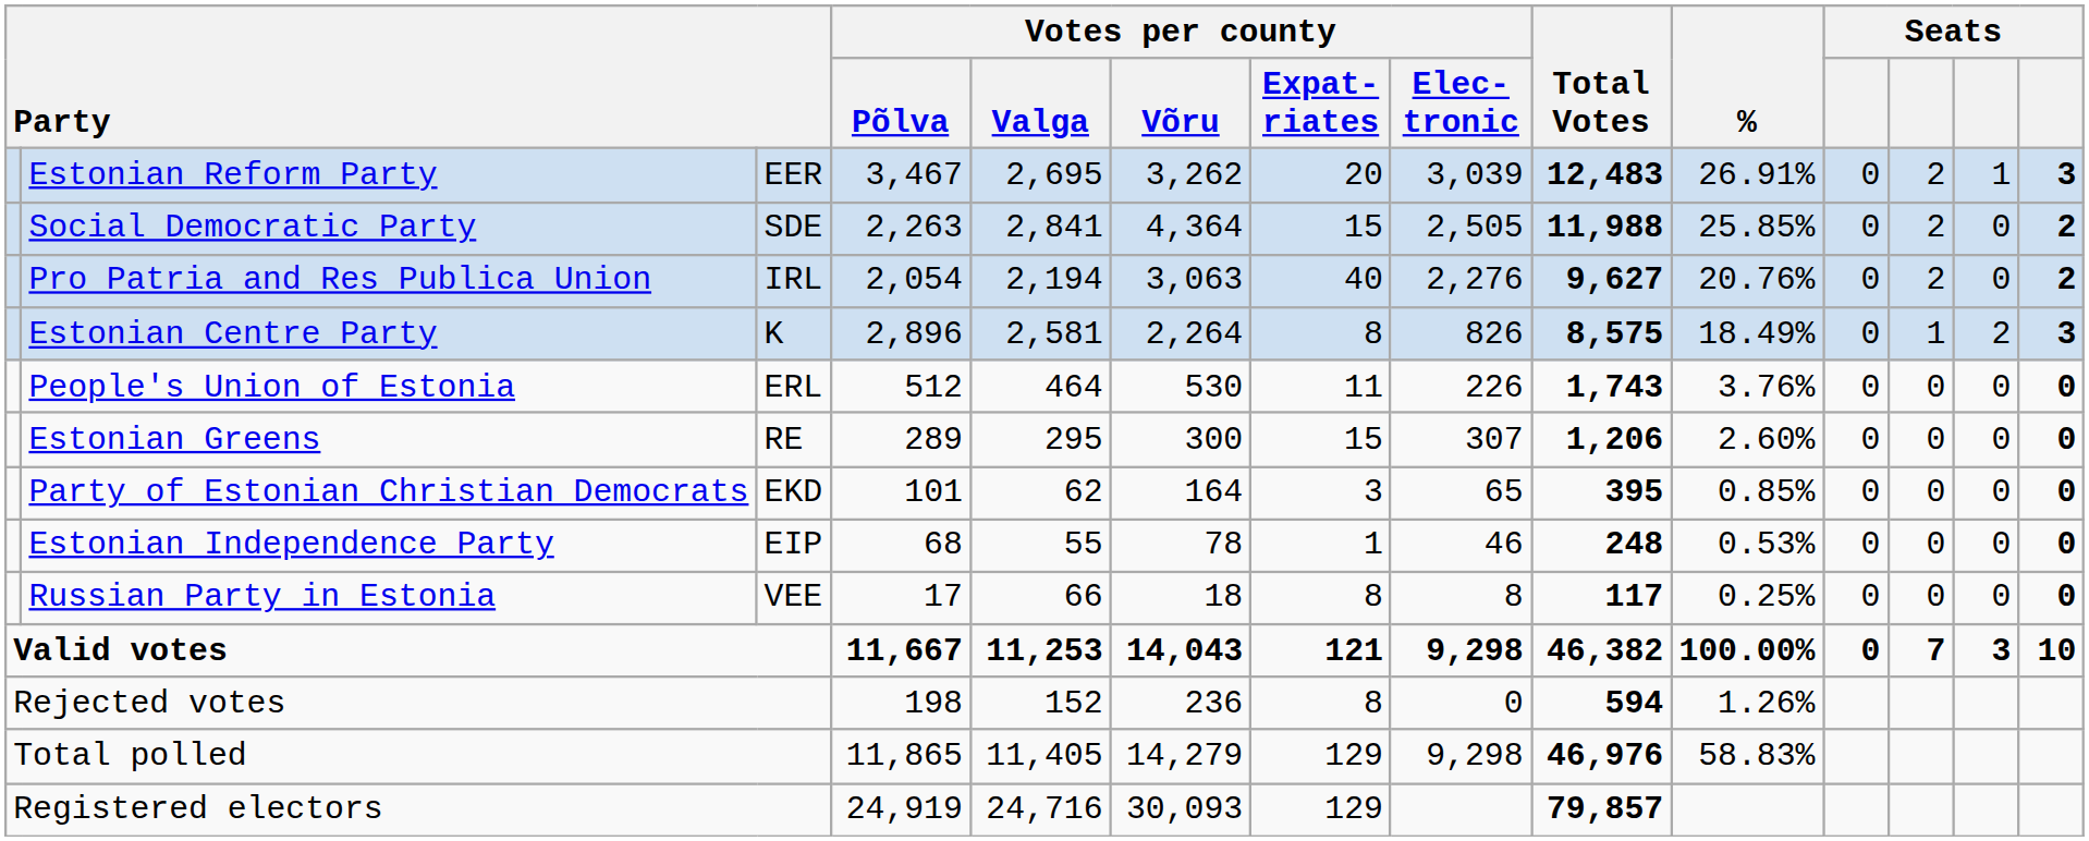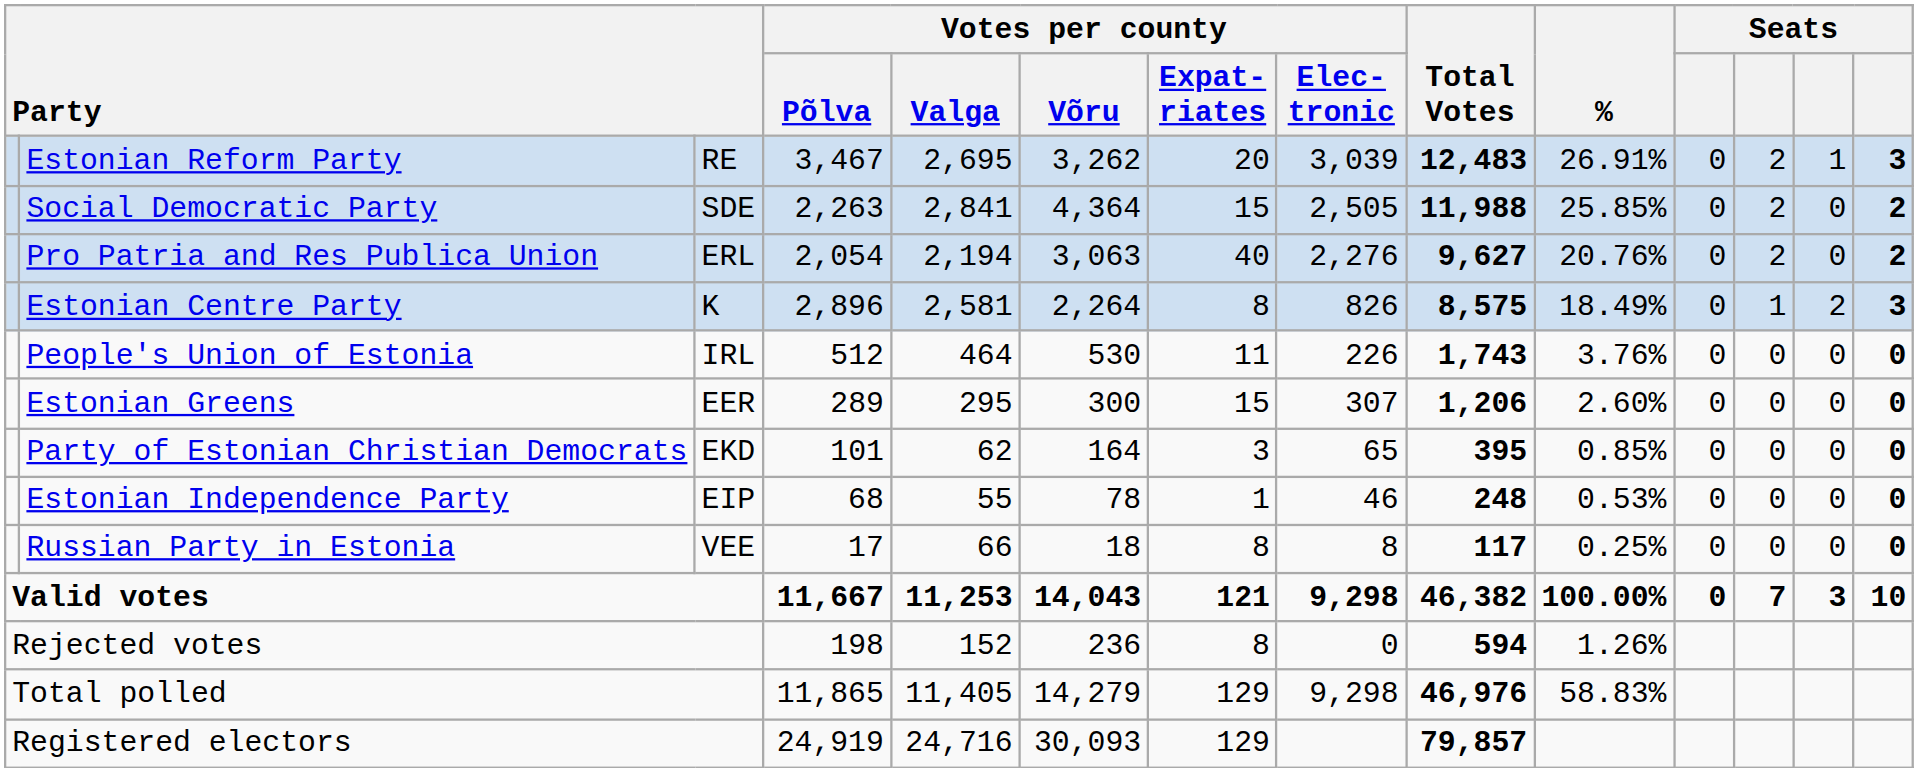 <table class="wikitable" border="1" style="text-align:right;">
 <tr>
 <th style="text-align:left;" valign=bottom rowspan=2 colspan=3>Party</th>
 <th colspan=5>Votes per county</th>
 <th align=center valign=bottom rowspan=2 width="50">Total Votes</th>
 <th align=center valign=bottom rowspan=2 width="50">%</th>
 <th colspan=4>Seats</th>
 </tr>
 <tr>
 <th align=center valign=bottom width="50"><a href='#'>Põlva</a></th>
 <th align=center valign=bottom width="50"><a href='#'>Valga</a></th>
 <th align=center valign=bottom width="50"><a href='#'>Võru</a></th>
 <th align=center valign=bottom width="50"><a href='#'>Expat- riates</a></th>
 <th align=center valign=bottom width="50"><a href='#'>Elec- tronic</a></th>
 <th align=center valign=bottom width="20"><small></small></th>
 <th align=center valign=bottom width="20"><small></small></th>
 <th align=center valign=bottom width="20"><small></small></th>
 <th align=center valign=bottom width="20"><small></small></th>
 </tr>
 <tr style="background:#CEE0F2;">
 <td style="background:"></td>
 <td align=left><a href='#'>Estonian Reform Party</a></td>
-<td align=left>EER</td>
+<td align=left>RE</td>
 <td>3,467</td>
 <td>2,695</td>
 <td>3,262</td>
 <td>20</td>
 <td>3,039</td>
 <td><strong>12,483</strong></td>
 <td>26.91%</td>
 <td>0</td>
 <td>2</td>
 <td>1</td>
 <td><strong>3</strong></td>
 </tr>
 <tr style="background:#CEE0F2;">
 <td style="background:"></td>
 <td align=left><a href='#'>Social Democratic Party</a></td>
 <td align=left>SDE</td>
 <td>2,263</td>
 <td>2,841</td>
 <td>4,364</td>
 <td>15</td>
 <td>2,505</td>
 <td><strong>11,988</strong></td>
 <td>25.85%</td>
 <td>0</td>
 <td>2</td>
 <td>0</td>
 <td><strong>2</strong></td>
 </tr>
 <tr style="background:#CEE0F2;">
 <td style="background:"></td>
 <td align=left><a href='#'>Pro Patria and Res Publica Union</a></td>
-<td align=left>IRL</td>
+<td align=left>ERL</td>
 <td>2,054</td>
 <td>2,194</td>
 <td>3,063</td>
 <td>40</td>
 <td>2,276</td>
 <td><strong>9,627</strong></td>
 <td>20.76%</td>
 <td>0</td>
 <td>2</td>
 <td>0</td>
 <td><strong>2</strong></td>
 </tr>
 <tr style="background:#CEE0F2;">
 <td style="background:"></td>
 <td align=left><a href='#'>Estonian Centre Party</a></td>
 <td align=left>K</td>
 <td>2,896</td>
 <td>2,581</td>
 <td>2,264</td>
 <td>8</td>
 <td>826</td>
 <td><strong>8,575</strong></td>
 <td>18.49%</td>
 <td>0</td>
 <td>1</td>
 <td>2</td>
 <td><strong>3</strong></td>
 </tr>
 <tr>
 <td style="background:"></td>
 <td align=left><a href='#'>People's Union of Estonia</a></td>
-<td align=left>ERL</td>
+<td align=left>IRL</td>
 <td>512</td>
 <td>464</td>
 <td>530</td>
 <td>11</td>
 <td>226</td>
 <td><strong>1,743</strong></td>
 <td>3.76%</td>
 <td>0</td>
 <td>0</td>
 <td>0</td>
 <td><strong>0</strong></td>
 </tr>
 <tr>
 <td style="background:"></td>
 <td align=left><a href='#'>Estonian Greens</a></td>
-<td align=left>RE</td>
+<td align=left>EER</td>
 <td>289</td>
 <td>295</td>
 <td>300</td>
 <td>15</td>
 <td>307</td>
 <td><strong>1,206</strong></td>
 <td>2.60%</td>
 <td>0</td>
 <td>0</td>
 <td>0</td>
 <td><strong>0</strong></td>
 </tr>
 <tr>
 <td style="background:"></td>
 <td align=left><a href='#'>Party of Estonian Christian Democrats</a></td>
 <td align=left>EKD</td>
 <td>101</td>
 <td>62</td>
 <td>164</td>
 <td>3</td>
 <td>65</td>
 <td><strong>395</strong></td>
 <td>0.85%</td>
 <td>0</td>
 <td>0</td>
 <td>0</td>
 <td><strong>0</strong></td>
 </tr>
 <tr>
 <td style="background:"></td>
 <td align=left><a href='#'>Estonian Independence Party</a></td>
 <td align=left>EIP</td>
 <td>68</td>
 <td>55</td>
 <td>78</td>
 <td>1</td>
 <td>46</td>
 <td><strong>248</strong></td>
 <td>0.53%</td>
 <td>0</td>
 <td>0</td>
 <td>0</td>
 <td><strong>0</strong></td>
 </tr>
 <tr>
 <td></td>
 <td align=left><a href='#'>Russian Party in Estonia</a></td>
 <td align=left>VEE</td>
 <td>17</td>
 <td>66</td>
 <td>18</td>
 <td>8</td>
 <td>8</td>
 <td><strong>117</strong></td>
 <td>0.25%</td>
 <td>0</td>
 <td>0</td>
 <td>0</td>
 <td><strong>0</strong></td>
 </tr>
 <tr style="font-weight:bold">
 <td align=left colspan=3>Valid votes</td>
 <td>11,667</td>
 <td>11,253</td>
 <td>14,043</td>
 <td>121</td>
 <td>9,298</td>
 <td>46,382</td>
 <td>100.00%</td>
 <td>0</td>
 <td>7</td>
 <td>3</td>
 <td>10</td>
 </tr>
 <tr>
 <td align=left colspan=3>Rejected votes</td>
 <td>198</td>
 <td>152</td>
 <td>236</td>
 <td>8</td>
 <td>0</td>
 <td><strong>594</strong></td>
 <td>1.26%</td>
 <td></td>
 <td></td>
 <td></td>
 <td></td>
 </tr>
 <tr>
 <td align=left colspan=3>Total polled</td>
 <td>11,865</td>
 <td>11,405</td>
 <td>14,279</td>
 <td>129</td>
 <td>9,298</td>
 <td><strong>46,976</strong></td>
 <td>58.83%</td>
 <td></td>
 <td></td>
 <td></td>
 <td></td>
 </tr>
 <tr>
 <td align=left colspan=3>Registered electors</td>
 <td>24,919</td>
 <td>24,716</td>
 <td>30,093</td>
 <td>129</td>
 <td></td>
 <td><strong>79,857</strong></td>
 <td></td>
 <td></td>
 <td></td>
 <td></td>
 <td></td>
 </tr>
 </table>
